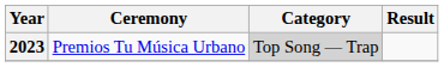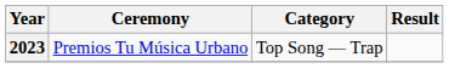 <table class="wikitable plainrowheaders">
 <tr>
 <th scope="col">Year</th>
 <th scope="col">Ceremony</th>
 <th scope="col">Category</th>
 <th scope="col">Result</th>
 </tr>
 <tr>
 <th scope="row" rowspan="1">2023</th>
 <td><a href='#'>Premios Tu Música Urbano</a></td>
-<td style="background: lightgrey;">Top Song — Trap</td>
+<td>Top Song — Trap</td>
 <td></td>
 </tr>
 <tr>
 </tr>
 </table>
